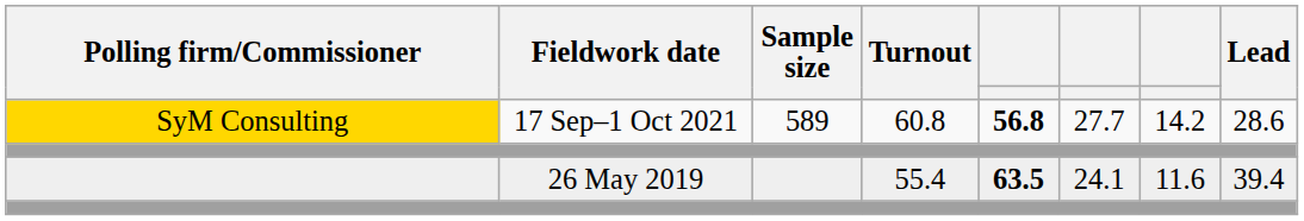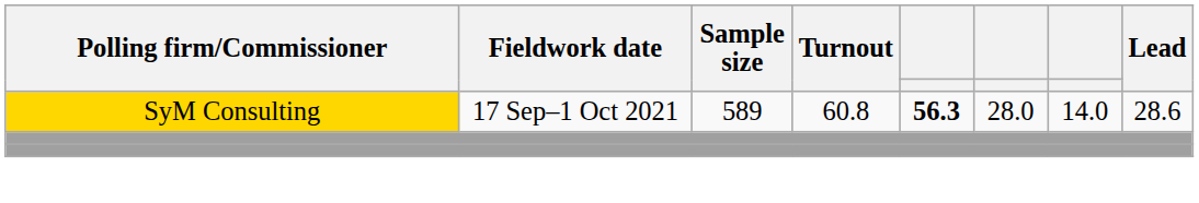 <table class="wikitable collapsible collapsed" style="text-align:center; font-size:95%; line-height:16px;">
 <tr style="height:42px;">
 <th style="width:250px;" rowspan="2">Polling firm/Commissioner</th>
 <th style="width:125px;" rowspan="2">Fieldwork date</th>
 <th style="width:50px;" rowspan="2">Sample size</th>
 <th style="width:45px;" rowspan="2">Turnout</th>
 <th style="width:35px;"></th>
 <th style="width:35px;"></th>
 <th style="width:35px;"></th>
 <th style="width:30px;" rowspan="2">Lead</th>
 </tr>
 <tr>
 <th style="color:inherit;background:"></th>
 <th style="color:inherit;background:"></th>
 <th style="color:inherit;background:"></th>
 </tr>
 <tr>
 <td style="background: gold;">SyM Consulting</td>
 <td>17 Sep–1 Oct 2021</td>
 <td>589</td>
 <td>60.8</td>
-<td><strong>56.8</strong><br></td>
-<td>27.7<br></td>
-<td>14.2<br></td>
+<td><strong>56.3</strong><br></td>
+<td>28.0<br></td>
+<td>14.0<br></td>
 <td style="background:">28.6</td>
 </tr>
 <tr>
 <td colspan="8" style="background:#A0A0A0"></td>
 </tr>
-<tr style="background:#EFEFEF;">
-<td><strong></strong></td>
-<td>26 May 2019</td>
-<td></td>
-<td>55.4</td>
-<td><strong>63.5</strong><br></td>
-<td>24.1<br></td>
-<td>11.6<br></td>
-<td style="background:">39.4</td>
-</tr>
 <tr>
 <td colspan="8" style="background:#A0A0A0"></td>
 </tr>
 </table>
